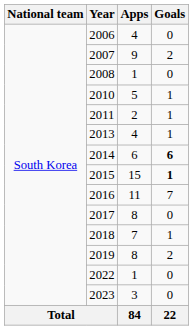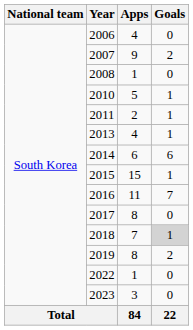 <table class="wikitable" style="text-align:center">
 <tr>
 <th>National team</th>
 <th>Year</th>
 <th>Apps</th>
 <th>Goals</th>
 </tr>
 <tr>
 <td rowspan="14"><a href='#'>South Korea</a></td>
 <td>2006</td>
 <td>4</td>
 <td>0</td>
 </tr>
 <tr>
 <td>2007</td>
 <td>9</td>
 <td>2</td>
 </tr>
 <tr>
 <td>2008</td>
 <td>1</td>
 <td>0</td>
 </tr>
 <tr>
 <td>2010</td>
 <td>5</td>
 <td>1</td>
 </tr>
 <tr>
 <td>2011</td>
 <td>2</td>
 <td>1</td>
 </tr>
 <tr>
 <td>2013</td>
 <td>4</td>
 <td>1</td>
 </tr>
 <tr>
 <td>2014</td>
 <td>6</td>
-<td><strong>6</strong></td>
+<td>6</td>
 </tr>
 <tr>
 <td>2015</td>
 <td>15</td>
-<td><strong>1</strong></td>
+<td>1</td>
 </tr>
 <tr>
 <td>2016</td>
 <td>11</td>
 <td>7</td>
 </tr>
 <tr>
 <td>2017</td>
 <td>8</td>
 <td>0</td>
 </tr>
 <tr>
 <td>2018</td>
 <td>7</td>
-<td>1</td>
+<td style="background: lightgrey;">1</td>
 </tr>
 <tr>
 <td>2019</td>
 <td>8</td>
 <td>2</td>
 </tr>
 <tr>
 <td>2022</td>
 <td>1</td>
 <td>0</td>
 </tr>
 <tr>
 <td>2023</td>
 <td>3</td>
 <td>0</td>
 </tr>
 <tr>
 <th colspan=2>Total</th>
 <th>84</th>
 <th>22</th>
 </tr>
 </table>
